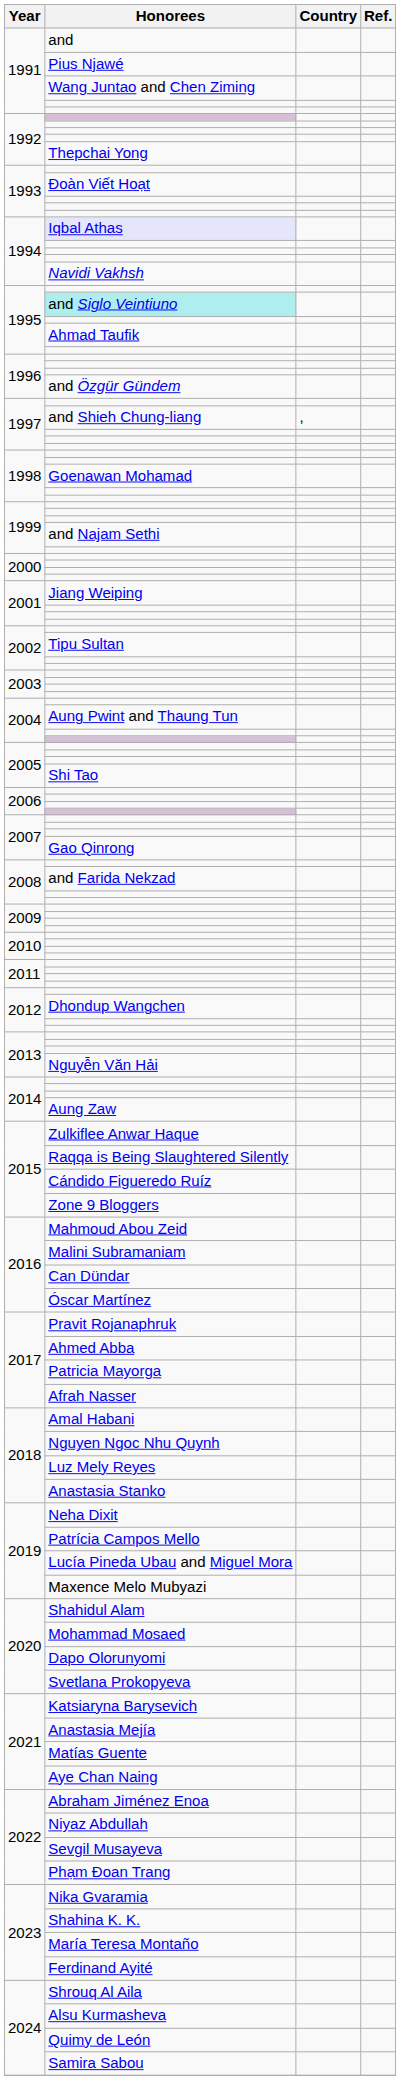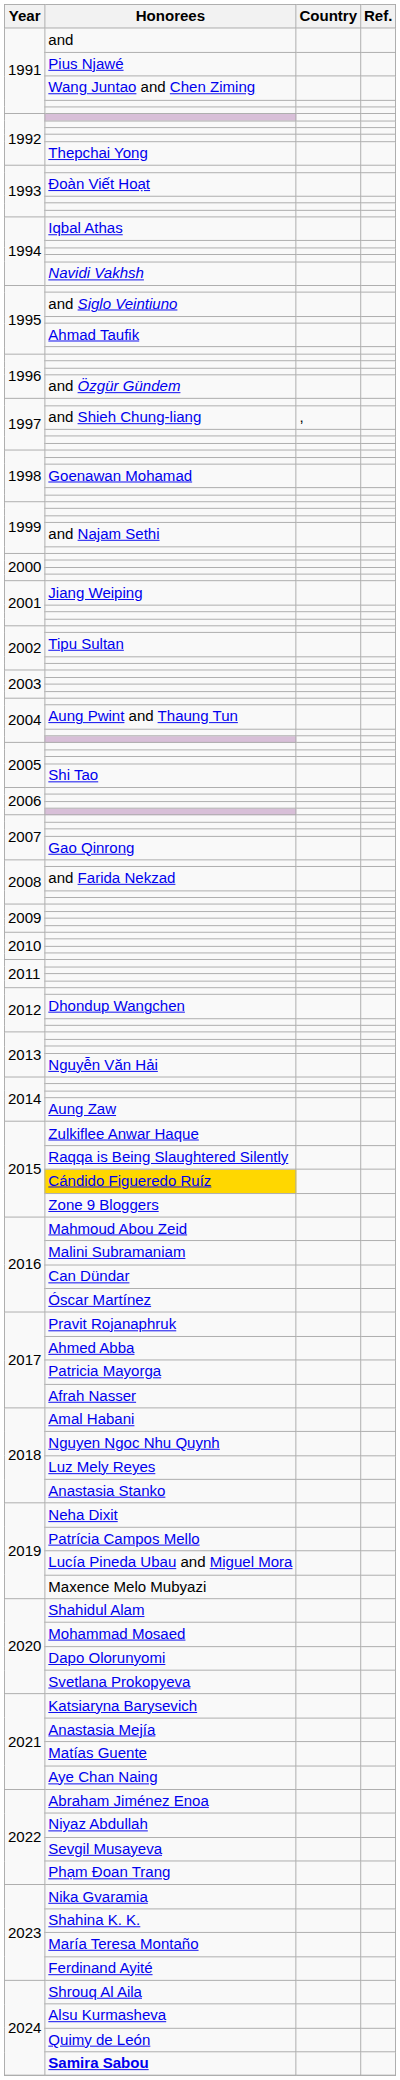 <table class="sortable wikitable">
 <tr class="unsortable">
 <th scope="col">Year</th>
 <th scope="col">Honorees</th>
 <th scope="col">Country</th>
 <th scope="col" style="text-align:center" class="unsortable">Ref.</th>
 </tr>
 <tr>
 <td scope="row" rowspan="5">1991</td>
 <td> and </td>
 <td></td>
 <td style="text-align:center"></td>
 </tr>
 <tr>
 <td><a href='#'>Pius Njawé</a></td>
 <td></td>
 <td style="text-align:center"></td>
 </tr>
 <tr>
 <td><a href='#'>Wang Juntao</a> and <a href='#'>Chen Ziming</a></td>
 <td></td>
 <td style="text-align:center"></td>
 </tr>
 <tr>
 <td></td>
 <td></td>
 <td style="text-align:center"></td>
 </tr>
 <tr>
 <td></td>
 <td></td>
 <td style="text-align:center"></td>
 </tr>
 <tr>
 <td rowspan="5">1992</td>
 <td style="background-color:#D8BFD8"> </td>
 <td></td>
 <td style="text-align:center"></td>
 </tr>
 <tr>
 <td></td>
 <td></td>
 <td style="text-align:center"></td>
 </tr>
 <tr>
 <td></td>
 <td></td>
 <td style="text-align:center"></td>
 </tr>
 <tr>
 <td></td>
 <td></td>
 <td style="text-align:center"></td>
 </tr>
 <tr>
 <td><a href='#'>Thepchai Yong</a></td>
 <td></td>
 <td style="text-align:center"></td>
 </tr>
 <tr>
 <td rowspan="5">1993</td>
 <td></td>
 <td></td>
 <td style="text-align:center"></td>
 </tr>
 <tr>
 <td><a href='#'>Đoàn Viết Hoạt</a></td>
 <td></td>
 <td style="text-align:center"></td>
 </tr>
 <tr>
 <td></td>
 <td></td>
 <td style="text-align:center"></td>
 </tr>
 <tr>
 <td></td>
 <td></td>
 <td style="text-align:center"></td>
 </tr>
 <tr>
 <td></td>
 <td></td>
 <td style="text-align:center"></td>
 </tr>
 <tr>
 <td rowspan="5">1994</td>
-<td style="background: lavender;"><a href='#'>Iqbal Athas</a></td>
+<td><a href='#'>Iqbal Athas</a></td>
 <td></td>
 <td style="text-align:center"></td>
 </tr>
 <tr>
 <td></td>
 <td></td>
 <td style="text-align:center"></td>
 </tr>
 <tr>
 <td></td>
 <td></td>
 <td style="text-align:center"></td>
 </tr>
 <tr>
 <td></td>
 <td></td>
 <td style="text-align:center"></td>
 </tr>
 <tr>
 <td><em><a href='#'>Navidi Vakhsh</a></em></td>
 <td></td>
 <td style="text-align:center"></td>
 </tr>
 <tr>
 <td rowspan="5">1995</td>
 <td></td>
 <td></td>
 <td style="text-align:center"></td>
 </tr>
 <tr>
-<td style="background: paleturquoise;"> and <em><a href='#'>Siglo Veintiuno</a></em></td>
+<td> and <em><a href='#'>Siglo Veintiuno</a></em></td>
 <td></td>
 <td style="text-align:center"></td>
 </tr>
 <tr>
 <td></td>
 <td></td>
 <td style="text-align:center"></td>
 </tr>
 <tr>
 <td><a href='#'>Ahmad Taufik</a></td>
 <td></td>
 <td style="text-align:center"></td>
 </tr>
 <tr>
 <td></td>
 <td></td>
 <td style="text-align:center"></td>
 </tr>
 <tr>
 <td rowspan="4">1996</td>
 <td></td>
 <td></td>
 <td style="text-align:center"></td>
 </tr>
 <tr>
 <td></td>
 <td></td>
 <td style="text-align:center"></td>
 </tr>
 <tr>
 <td></td>
 <td></td>
 <td style="text-align:center"></td>
 </tr>
 <tr>
 <td> and <em><a href='#'>Özgür Gündem</a></em></td>
 <td></td>
 <td style="text-align:center"></td>
 </tr>
 <tr>
 <td rowspan="5">1997</td>
 <td></td>
 <td></td>
 <td style="text-align:center"></td>
 </tr>
 <tr>
 <td> and <a href='#'>Shieh Chung-liang</a></td>
 <td>, </td>
 <td style="text-align:center"></td>
 </tr>
 <tr>
 <td></td>
 <td></td>
 <td style="text-align:center"></td>
 </tr>
 <tr>
 <td></td>
 <td></td>
 <td style="text-align:center"></td>
 </tr>
 <tr>
 <td></td>
 <td></td>
 <td style="text-align:center"></td>
 </tr>
 <tr>
 <td rowspan="5">1998</td>
 <td></td>
 <td></td>
 <td style="text-align:center"></td>
 </tr>
 <tr>
 <td></td>
 <td></td>
 <td style="text-align:center"></td>
 </tr>
 <tr>
 <td><a href='#'>Goenawan Mohamad</a></td>
 <td></td>
 <td style="text-align:center"></td>
 </tr>
 <tr>
 <td></td>
 <td></td>
 <td style="text-align:center"></td>
 </tr>
 <tr>
 <td></td>
 <td></td>
 <td style="text-align:center"></td>
 </tr>
 <tr>
 <td rowspan="5">1999</td>
 <td></td>
 <td></td>
 <td style="text-align:center"></td>
 </tr>
 <tr>
 <td></td>
 <td></td>
 <td style="text-align:center"></td>
 </tr>
 <tr>
 <td></td>
 <td></td>
 <td style="text-align:center"></td>
 </tr>
 <tr>
 <td> and <a href='#'>Najam Sethi</a></td>
 <td></td>
 <td style="text-align:center"></td>
 </tr>
 <tr>
 <td></td>
 <td></td>
 <td style="text-align:center"></td>
 </tr>
 <tr>
 <td rowspan="4">2000</td>
 <td></td>
 <td></td>
 <td style="text-align:center"></td>
 </tr>
 <tr>
 <td></td>
 <td></td>
 <td style="text-align:center"></td>
 </tr>
 <tr>
 <td></td>
 <td></td>
 <td style="text-align:center"></td>
 </tr>
 <tr>
 <td></td>
 <td></td>
 <td style="text-align:center"></td>
 </tr>
 <tr>
 <td rowspan="4">2001</td>
 <td><a href='#'>Jiang Weiping</a></td>
 <td></td>
 <td style="text-align:center"></td>
 </tr>
 <tr>
 <td></td>
 <td></td>
 <td style="text-align:center"></td>
 </tr>
 <tr>
 <td></td>
 <td></td>
 <td style="text-align:center"></td>
 </tr>
 <tr>
 <td></td>
 <td></td>
 <td style="text-align:center"></td>
 </tr>
 <tr>
 <td rowspan="4">2002</td>
 <td></td>
 <td></td>
 <td style="text-align:center"></td>
 </tr>
 <tr>
 <td><a href='#'>Tipu Sultan</a></td>
 <td></td>
 <td style="text-align:center"></td>
 </tr>
 <tr>
 <td></td>
 <td></td>
 <td style="text-align:center"></td>
 </tr>
 <tr>
 <td></td>
 <td></td>
 <td style="text-align:center"></td>
 </tr>
 <tr>
 <td rowspan="4">2003</td>
 <td></td>
 <td></td>
 <td style="text-align:center"></td>
 </tr>
 <tr>
 <td></td>
 <td></td>
 <td style="text-align:center"></td>
 </tr>
 <tr>
 <td></td>
 <td></td>
 <td style="text-align:center"></td>
 </tr>
 <tr>
 <td></td>
 <td></td>
 <td style="text-align:center"></td>
 </tr>
 <tr>
 <td rowspan="4">2004</td>
 <td></td>
 <td></td>
 <td style="text-align:center"></td>
 </tr>
 <tr>
 <td><a href='#'>Aung Pwint</a> and <a href='#'>Thaung Tun</a></td>
 <td></td>
 <td style="text-align:center"></td>
 </tr>
 <tr>
 <td></td>
 <td></td>
 <td style="text-align:center"></td>
 </tr>
 <tr>
 <td style="background-color:#D8BFD8"> </td>
 <td></td>
 <td style="text-align:center"></td>
 </tr>
 <tr>
 <td rowspan="4">2005</td>
 <td></td>
 <td></td>
 <td style="text-align:center"></td>
 </tr>
 <tr>
 <td></td>
 <td></td>
 <td style="text-align:center"></td>
 </tr>
 <tr>
 <td></td>
 <td></td>
 <td style="text-align:center"></td>
 </tr>
 <tr>
 <td><a href='#'>Shi Tao</a></td>
 <td></td>
 <td style="text-align:center"></td>
 </tr>
 <tr>
 <td rowspan="4">2006</td>
 <td></td>
 <td></td>
 <td style="text-align:center"></td>
 </tr>
 <tr>
 <td></td>
 <td></td>
 <td style="text-align:center"></td>
 </tr>
 <tr>
 <td></td>
 <td></td>
 <td style="text-align:center"></td>
 </tr>
 <tr>
 <td style="background-color:#D8BFD8"> </td>
 <td></td>
 <td style="text-align:center"></td>
 </tr>
 <tr>
 <td rowspan="4">2007</td>
 <td></td>
 <td></td>
 <td style="text-align:center"></td>
 </tr>
 <tr>
 <td></td>
 <td></td>
 <td style="text-align:center"></td>
 </tr>
 <tr>
 <td></td>
 <td></td>
 <td style="text-align:center"></td>
 </tr>
 <tr>
 <td><a href='#'>Gao Qinrong</a></td>
 <td></td>
 <td style="text-align:center"></td>
 </tr>
 <tr>
 <td rowspan="4">2008</td>
 <td></td>
 <td></td>
 <td style="text-align:center"></td>
 </tr>
 <tr>
 <td> and <a href='#'>Farida Nekzad</a></td>
 <td></td>
 <td style="text-align:center"></td>
 </tr>
 <tr>
 <td></td>
 <td></td>
 <td style="text-align:center"></td>
 </tr>
 <tr>
 <td></td>
 <td></td>
 <td style="text-align:center"></td>
 </tr>
 <tr>
 <td rowspan="4">2009</td>
 <td></td>
 <td></td>
 <td style="text-align:center"></td>
 </tr>
 <tr>
 <td></td>
 <td></td>
 <td style="text-align:center"></td>
 </tr>
 <tr>
 <td></td>
 <td></td>
 <td style="text-align:center"></td>
 </tr>
 <tr>
 <td></td>
 <td></td>
 <td style="text-align:center"></td>
 </tr>
 <tr>
 <td rowspan="4">2010</td>
 <td></td>
 <td></td>
 <td style="text-align:center"></td>
 </tr>
 <tr>
 <td></td>
 <td></td>
 <td style="text-align:center"></td>
 </tr>
 <tr>
 <td></td>
 <td></td>
 <td style="text-align:center"></td>
 </tr>
 <tr>
 <td></td>
 <td></td>
 <td style="text-align:center"></td>
 </tr>
 <tr>
 <td rowspan="4">2011</td>
 <td></td>
 <td></td>
 <td style="text-align:center"></td>
 </tr>
 <tr>
 <td></td>
 <td></td>
 <td style="text-align:center"></td>
 </tr>
 <tr>
 <td></td>
 <td></td>
 <td style="text-align:center"></td>
 </tr>
 <tr>
 <td></td>
 <td></td>
 <td style="text-align:center"></td>
 </tr>
 <tr>
 <td rowspan="4">2012</td>
 <td></td>
 <td></td>
 <td style="text-align:center"></td>
 </tr>
 <tr>
 <td><a href='#'>Dhondup Wangchen</a></td>
 <td></td>
 <td style="text-align:center"></td>
 </tr>
 <tr>
 <td></td>
 <td></td>
 <td style="text-align:center"></td>
 </tr>
 <tr>
 <td></td>
 <td></td>
 <td style="text-align:center"></td>
 </tr>
 <tr>
 <td rowspan="4">2013</td>
 <td></td>
 <td></td>
 <td style="text-align:center"></td>
 </tr>
 <tr>
 <td></td>
 <td></td>
 <td style="text-align:center"></td>
 </tr>
 <tr>
 <td></td>
 <td></td>
 <td style="text-align:center"></td>
 </tr>
 <tr>
 <td><a href='#'>Nguyễn Văn Hải</a></td>
 <td></td>
 <td style="text-align:center"></td>
 </tr>
 <tr>
 <td rowspan="4">2014</td>
 <td></td>
 <td></td>
 <td style="text-align:center"></td>
 </tr>
 <tr>
 <td></td>
 <td></td>
 <td style="text-align:center"></td>
 </tr>
 <tr>
 <td></td>
 <td></td>
 <td style="text-align:center"></td>
 </tr>
 <tr>
 <td><a href='#'>Aung Zaw</a></td>
 <td></td>
 <td style="text-align:center"></td>
 </tr>
 <tr>
 <td rowspan="4">2015</td>
 <td><a href='#'>Zulkiflee Anwar Haque</a></td>
 <td></td>
 <td style="text-align:center"></td>
 </tr>
 <tr>
 <td><a href='#'>Raqqa is Being Slaughtered Silently</a></td>
 <td></td>
 <td style="text-align:center"></td>
 </tr>
 <tr>
-<td><a href='#'>Cándido Figueredo Ruíz</a></td>
+<td style="background: gold;"><a href='#'>Cándido Figueredo Ruíz</a></td>
 <td></td>
 <td style="text-align:center"></td>
 </tr>
 <tr>
 <td><a href='#'>Zone 9 Bloggers</a></td>
 <td></td>
 <td style="text-align:center"></td>
 </tr>
 <tr>
 <td rowspan="4">2016</td>
 <td><a href='#'>Mahmoud Abou Zeid</a></td>
 <td></td>
 <td style="text-align:center"></td>
 </tr>
 <tr>
 <td><a href='#'>Malini Subramaniam </a></td>
 <td></td>
 <td style="text-align:center"></td>
 </tr>
 <tr>
 <td><a href='#'>Can Dündar</a></td>
 <td></td>
 <td style="text-align:center"></td>
 </tr>
 <tr>
 <td><a href='#'>Óscar Martínez</a></td>
 <td></td>
 <td style="text-align:center"></td>
 </tr>
 <tr>
 <td rowspan="4">2017</td>
 <td><a href='#'>Pravit Rojanaphruk</a></td>
 <td></td>
 <td style="text-align:center"></td>
 </tr>
 <tr>
 <td><a href='#'>Ahmed Abba</a></td>
 <td></td>
 <td style="text-align:center"></td>
 </tr>
 <tr>
 <td><a href='#'>Patricia Mayorga</a></td>
 <td></td>
 <td style="text-align:center"></td>
 </tr>
 <tr>
 <td><a href='#'>Afrah Nasser</a></td>
 <td></td>
 <td style="text-align:center"></td>
 </tr>
 <tr>
 <td rowspan="4">2018</td>
 <td><a href='#'>Amal Habani</a></td>
 <td></td>
 <td></td>
 </tr>
 <tr>
 <td><a href='#'>Nguyen Ngoc Nhu Quynh</a></td>
 <td></td>
 <td></td>
 </tr>
 <tr>
 <td><a href='#'>Luz Mely Reyes</a></td>
 <td></td>
 <td></td>
 </tr>
 <tr>
 <td><a href='#'>Anastasia Stanko</a></td>
 <td></td>
 <td></td>
 </tr>
 <tr>
 <td rowspan="4">2019</td>
 <td><a href='#'>Neha Dixit</a></td>
 <td></td>
 <td></td>
 </tr>
 <tr>
 <td><a href='#'>Patrícia Campos Mello</a></td>
 <td></td>
 <td></td>
 </tr>
 <tr>
 <td><a href='#'>Lucía Pineda Ubau</a> and <a href='#'>Miguel Mora</a></td>
 <td></td>
 <td></td>
 </tr>
 <tr>
 <td>Maxence Melo Mubyazi</td>
 <td></td>
 <td></td>
 </tr>
 <tr>
 <td rowspan="4">2020</td>
 <td><a href='#'>Shahidul Alam</a></td>
 <td></td>
 <td></td>
 </tr>
 <tr>
 <td><a href='#'>Mohammad Mosaed</a></td>
 <td></td>
 <td></td>
 </tr>
 <tr>
 <td><a href='#'>Dapo Olorunyomi</a></td>
 <td></td>
 <td></td>
 </tr>
 <tr>
 <td><a href='#'>Svetlana Prokopyeva</a></td>
 <td></td>
 <td></td>
 </tr>
 <tr>
 <td rowspan="4">2021</td>
 <td><a href='#'>Katsiaryna Barysevich</a></td>
 <td></td>
 <td></td>
 </tr>
 <tr>
 <td><a href='#'>Anastasia Mejía</a></td>
 <td></td>
 <td></td>
 </tr>
 <tr>
 <td><a href='#'>Matías Guente</a></td>
 <td></td>
 <td></td>
 </tr>
 <tr>
 <td><a href='#'>Aye Chan Naing</a></td>
 <td></td>
 <td></td>
 </tr>
 <tr>
 <td rowspan="4">2022</td>
 <td><a href='#'>Abraham Jiménez Enoa</a></td>
 <td></td>
 <td></td>
 </tr>
 <tr>
 <td><a href='#'>Niyaz Abdullah</a></td>
 <td></td>
 <td></td>
 </tr>
 <tr>
 <td><a href='#'>Sevgil Musayeva</a></td>
 <td></td>
 <td></td>
 </tr>
 <tr>
 <td><a href='#'>Phạm Đoan Trang</a></td>
 <td></td>
 <td></td>
 </tr>
 <tr>
 <td rowspan="4">2023</td>
 <td><a href='#'>Nika Gvaramia</a></td>
 <td></td>
 <td></td>
 </tr>
 <tr>
 <td><a href='#'>Shahina K. K.</a></td>
 <td></td>
 <td></td>
 </tr>
 <tr>
 <td><a href='#'>María Teresa Montaño</a></td>
 <td></td>
 <td></td>
 </tr>
 <tr>
 <td><a href='#'>Ferdinand Ayité</a></td>
 <td></td>
 <td></td>
 </tr>
 <tr>
 <td rowspan="4">2024</td>
 <td><a href='#'>Shrouq Al Aila</a></td>
 <td></td>
 <td></td>
 </tr>
 <tr>
 <td><a href='#'>Alsu Kurmasheva</a></td>
 <td></td>
 <td></td>
 </tr>
 <tr>
 <td><a href='#'>Quimy de León</a></td>
 <td></td>
 <td></td>
 </tr>
 <tr>
-<td><a href='#'>Samira Sabou</a></td>
+<td><strong><a href='#'>Samira Sabou</a></strong></td>
 <td></td>
 <td></td>
 </tr>
 <tr>
 </tr>
 </table>
